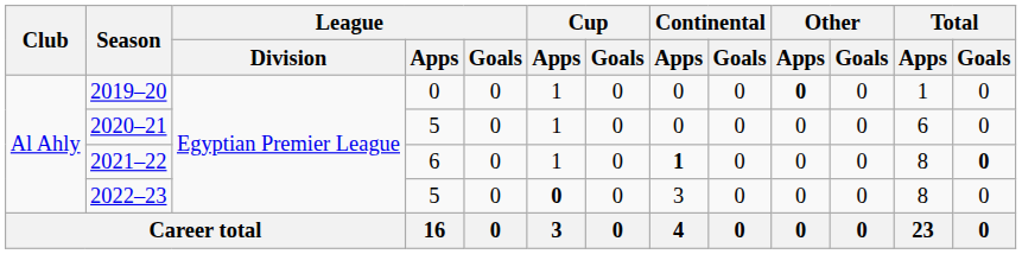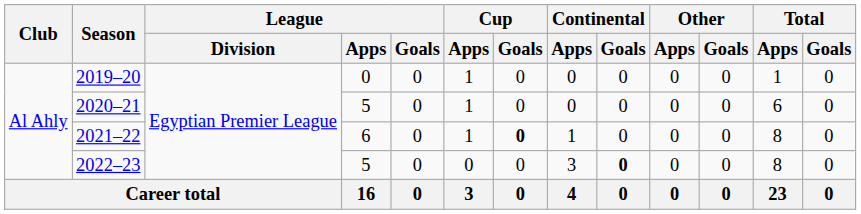 <table class=wikitable style=text-align:center>
 <tr>
 <th rowspan=2>Club</th>
 <th rowspan=2>Season</th>
 <th colspan=3>League</th>
 <th colspan=2>Cup</th>
 <th colspan=2>Continental</th>
 <th colspan=2>Other</th>
 <th colspan=2>Total</th>
 </tr>
 <tr>
 <th>Division</th>
 <th>Apps</th>
 <th>Goals</th>
 <th>Apps</th>
 <th>Goals</th>
 <th>Apps</th>
 <th>Goals</th>
 <th>Apps</th>
 <th>Goals</th>
 <th>Apps</th>
 <th>Goals</th>
 </tr>
 <tr>
 <td rowspan="4"><a href='#'>Al Ahly</a></td>
 <td><a href='#'>2019–20</a></td>
 <td rowspan="4"><a href='#'>Egyptian Premier League</a></td>
 <td>0</td>
 <td>0</td>
 <td>1</td>
 <td>0</td>
 <td>0</td>
 <td>0</td>
-<td><strong>0</strong></td>
+<td>0</td>
 <td>0</td>
 <td>1</td>
 <td>0</td>
 </tr>
 <tr>
 <td><a href='#'>2020–21</a></td>
 <td>5</td>
 <td>0</td>
 <td>1</td>
 <td>0</td>
 <td>0</td>
 <td>0</td>
 <td>0</td>
 <td>0</td>
 <td>6</td>
 <td>0</td>
 </tr>
 <tr>
 <td><a href='#'>2021–22</a></td>
 <td>6</td>
 <td>0</td>
 <td>1</td>
-<td>0</td>
-<td><strong>1</strong></td>
+<td><strong>0</strong></td>
+<td>1</td>
 <td>0</td>
 <td>0</td>
 <td>0</td>
 <td>8</td>
-<td><strong>0</strong></td>
+<td>0</td>
 </tr>
 <tr>
 <td><a href='#'>2022–23</a></td>
 <td>5</td>
 <td>0</td>
-<td><strong>0</strong></td>
+<td>0</td>
 <td>0</td>
 <td>3</td>
-<td>0</td>
+<td><strong>0</strong></td>
 <td>0</td>
 <td>0</td>
 <td>8</td>
 <td>0</td>
 </tr>
 <tr>
 <th colspan=3>Career total</th>
 <th>16</th>
 <th>0</th>
 <th>3</th>
 <th>0</th>
 <th>4</th>
 <th>0</th>
 <th>0</th>
 <th>0</th>
 <th>23</th>
 <th>0</th>
 </tr>
 </table>
